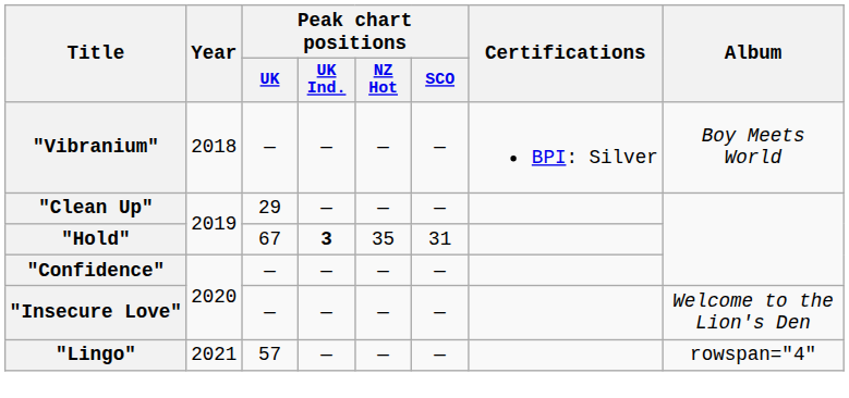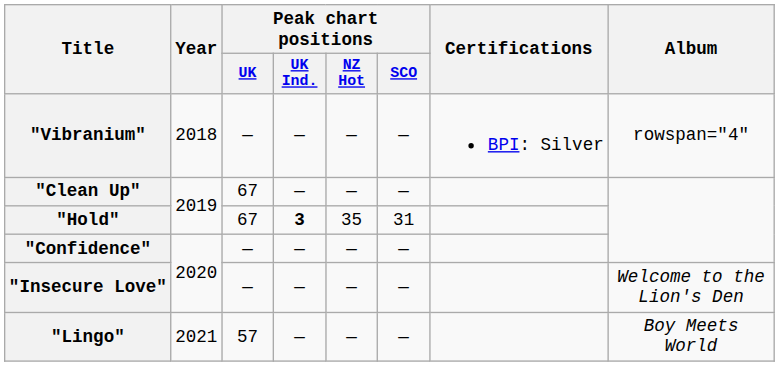 <table class="wikitable plainrowheaders" style="text-align:center;">
 <tr>
 <th scope="col" rowspan="2">Title</th>
 <th scope="col" rowspan="2">Year</th>
 <th scope="col" colspan="4">Peak chart positions</th>
 <th scope="col" rowspan="2">Certifications</th>
 <th scope="col" rowspan="2" style="width:9em;">Album</th>
 </tr>
 <tr>
 <th scope="col" style="width:3em; font-size:85%;"><a href='#'>UK</a><br></th>
 <th scope="col" style="width:3em; font-size:85%;"><a href='#'>UK<br>Ind.</a><br></th>
 <th scope="col" style="width:3em; font-size:85%;"><a href='#'>NZ Hot</a><br></th>
 <th scope="col" style="width:3em; font-size:85%;"><a href='#'>SCO</a><br></th>
 </tr>
 <tr>
 <th scope="row">"Vibranium"<br></th>
 <td>2018</td>
 <td>—</td>
 <td>—</td>
 <td>—</td>
 <td>—</td>
 <td><br><ul><li><a href='#'>BPI</a>: Silver</li></ul></td>
-<td><em>Boy Meets World</em></td>
+<td>rowspan="4" </td>
 </tr>
 <tr>
 <th scope="row">"Clean Up"<br></th>
 <td rowspan="2">2019</td>
-<td>29</td>
+<td>67</td>
 <td>—</td>
 <td>—</td>
 <td>—</td>
 <td></td>
 </tr>
 <tr>
 <th scope="row">"Hold"<br></th>
 <td>67</td>
 <td><strong>3</strong></td>
 <td>35</td>
 <td>31</td>
 <td></td>
 </tr>
 <tr>
 <th scope="row">"Confidence"<br></th>
 <td rowspan="2">2020</td>
 <td>—</td>
 <td>—</td>
 <td>—</td>
 <td>—</td>
 <td></td>
 </tr>
 <tr>
 <th scope="row">"Insecure Love"<br></th>
 <td>—</td>
 <td>—</td>
 <td>—</td>
 <td>—</td>
 <td></td>
 <td><em>Welcome to the Lion's Den</em></td>
 </tr>
 <tr>
 <th Scope="row">"Lingo"<br></th>
 <td>2021</td>
 <td>57</td>
 <td>—</td>
 <td>—</td>
 <td>—</td>
 <td></td>
-<td>rowspan="4" </td>
+<td><em>Boy Meets World</em></td>
 </tr>
 </table>
